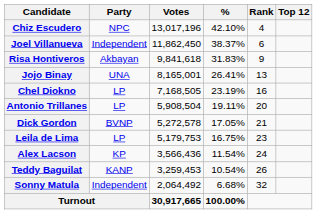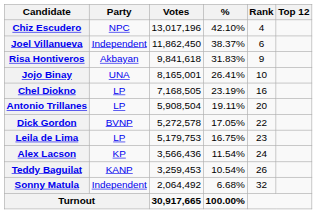 <table class="wikitable sortable" style="text-align:center;font-size:100%;">
 <tr>
 <th>Candidate</th>
 <th>Party</th>
 <th>Votes</th>
 <th>%</th>
 <th>Rank</th>
 <th class="unsortable">Top 12</th>
 </tr>
 <tr>
 <th><a href='#'>Chiz Escudero</a></th>
 <td><a href='#'>NPC</a></td>
 <td style="text-align:right;">13,017,196</td>
 <td style="text-align:right;">42.10%</td>
 <td>4</td>
 <td></td>
 </tr>
 <tr>
 <th><a href='#'>Joel Villanueva</a></th>
 <td><a href='#'>Independent</a></td>
 <td style="text-align:right;">11,862,450</td>
 <td style="text-align:right;">38.37%</td>
 <td>6</td>
 <td></td>
 </tr>
 <tr>
 <th><a href='#'>Risa Hontiveros</a></th>
 <td><a href='#'>Akbayan</a></td>
 <td style="text-align:right;">9,841,618</td>
 <td style="text-align:right;">31.83%</td>
 <td>9</td>
 <td></td>
 </tr>
 <tr>
 <th><a href='#'>Jojo Binay</a></th>
 <td><a href='#'>UNA</a></td>
 <td style="text-align:right;">8,165,001</td>
 <td style="text-align:right;">26.41%</td>
-<td>13</td>
+<td>10</td>
 <td></td>
 </tr>
 <tr>
 <th><a href='#'>Chel Diokno</a></th>
 <td><a href='#'>LP</a></td>
 <td style="text-align:right;">7,168,505</td>
 <td style="text-align:right;">23.19%</td>
 <td>16</td>
 <td></td>
 </tr>
 <tr>
 <th><a href='#'>Antonio Trillanes</a></th>
 <td><a href='#'>LP</a></td>
 <td style="text-align:right;">5,908,504</td>
 <td style="text-align:right;">19.11%</td>
 <td>20</td>
 <td></td>
 </tr>
 <tr>
 <th><a href='#'>Dick Gordon</a></th>
 <td><a href='#'>BVNP</a></td>
 <td style="text-align:right;">5,272,578</td>
 <td style="text-align:right;">17.05%</td>
-<td>21</td>
+<td>22</td>
 <td></td>
 </tr>
 <tr>
 <th><a href='#'>Leila de Lima</a></th>
 <td><a href='#'>LP</a></td>
 <td style="text-align:right;">5,179,753</td>
 <td style="text-align:right;">16.75%</td>
 <td>23</td>
 <td></td>
 </tr>
 <tr>
 <th><a href='#'>Alex Lacson</a></th>
 <td><a href='#'>KP</a></td>
 <td style="text-align:right;">3,566,436</td>
 <td style="text-align:right;">11.54%</td>
 <td>24</td>
 <td></td>
 </tr>
 <tr>
 <th><a href='#'>Teddy Baguilat</a></th>
 <td><a href='#'>KANP</a></td>
 <td style="text-align:right;">3,259,453</td>
 <td style="text-align:right;">10.54%</td>
 <td>26</td>
 <td></td>
 </tr>
 <tr>
 <th><a href='#'>Sonny Matula</a></th>
 <td><a href='#'>Independent</a></td>
 <td style="text-align:right;">2,064,492</td>
 <td style="text-align:right;">6.68%</td>
 <td>32</td>
 <td></td>
 </tr>
 <tr>
 <th colspan="2">Turnout</th>
 <td style="text-align:right;"><strong>30,917,665</strong></td>
 <td style="text-align:right;"><strong>100.00%</strong></td>
 <td colspan="2"></td>
 </tr>
 </table>
